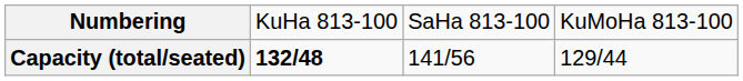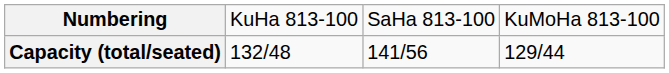 <table class="wikitable">
 <tr>
 <th>Numbering</th>
 <td>KuHa 813-100</td>
 <td>SaHa 813-100</td>
 <td>KuMoHa 813-100</td>
 </tr>
 <tr>
 <th>Capacity (total/seated)</th>
-<td><strong>132/48</strong></td>
+<td>132/48</td>
 <td>141/56</td>
 <td>129/44</td>
 </tr>
 </table>
